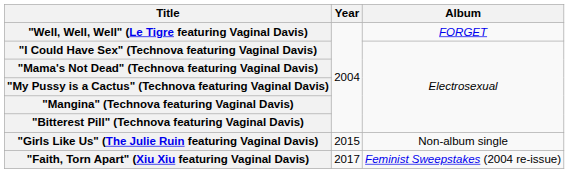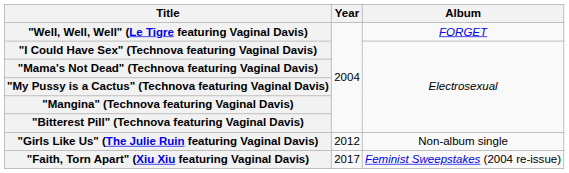 <table class="wikitable plainrowheaders" style="text-align:center;">
 <tr>
 <th scope="col">Title</th>
 <th scope="col">Year</th>
 <th scope="col">Album</th>
 </tr>
 <tr>
 <th scope="row">"Well, Well, Well" <span>(<a href='#'>Le Tigre</a> featuring Vaginal Davis)</span></th>
 <td rowspan="6">2004</td>
 <td rowspan="1"><em><a href='#'>FORGET</a></em></td>
 </tr>
 <tr>
 <th scope="row">"I Could Have Sex" <span>(Technova featuring Vaginal Davis)</span></th>
 <td rowspan="5"><em>Electrosexual</em></td>
 </tr>
 <tr>
 <th scope="row">"Mama's Not Dead" <span>(Technova featuring Vaginal Davis)</span></th>
 </tr>
 <tr>
 <th scope="row">"My Pussy is a Cactus" <span>(Technova featuring Vaginal Davis)</span></th>
 </tr>
 <tr>
 <th scope="row">"Mangina" <span>(Technova featuring Vaginal Davis)</span></th>
 </tr>
 <tr>
 <th scope="row">"Bitterest Pill" <span>(Technova featuring Vaginal Davis)</span></th>
 </tr>
 <tr>
 <th scope="row">"Girls Like Us" <span>(<a href='#'>The Julie Ruin</a> featuring Vaginal Davis)</span></th>
-<td rowspan="1">2015</td>
+<td rowspan="1">2012</td>
 <td>Non-album single</td>
 </tr>
 <tr>
 <th scope="row">"Faith, Torn Apart" <span>(<a href='#'>Xiu Xiu</a> featuring Vaginal Davis)</span></th>
 <td rowspan="1">2017</td>
 <td rowspan="1"><em><a href='#'>Feminist Sweepstakes</a></em> (2004 re-issue)</td>
 </tr>
 </table>
